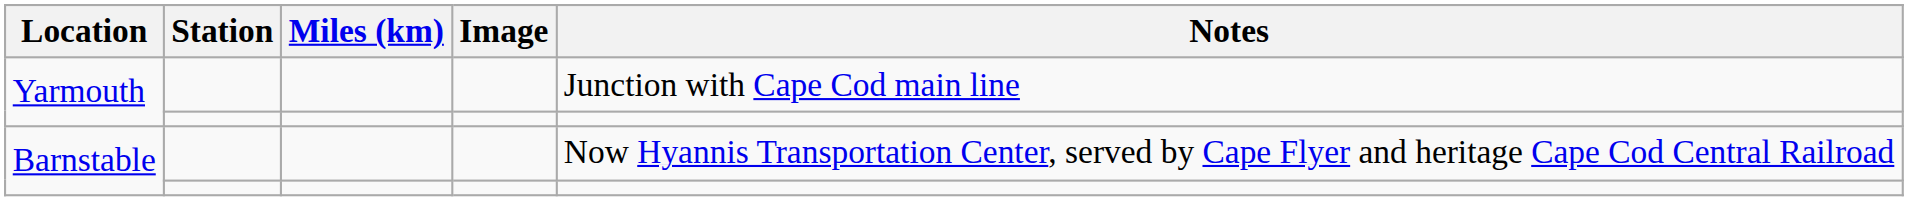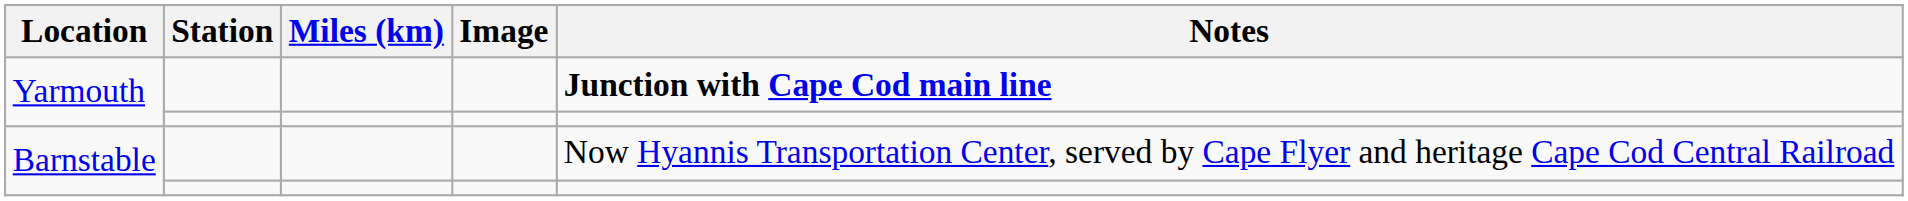 <table class="wikitable">
 <tr>
 <th>Location</th>
 <th>Station</th>
 <th><a href='#'>Miles (km)</a></th>
 <th>Image</th>
 <th>Notes</th>
 </tr>
 <tr>
 <td rowspan=2><a href='#'>Yarmouth</a></td>
 <td></td>
 <td></td>
 <td></td>
-<td>Junction with <a href='#'>Cape Cod main line</a></td>
+<td><strong>Junction with <a href='#'>Cape Cod main line</a></strong></td>
 </tr>
 <tr>
 <td></td>
 <td></td>
 <td></td>
 <td></td>
 </tr>
 <tr>
 <td rowspan=2><a href='#'>Barnstable</a></td>
 <td></td>
 <td></td>
 <td></td>
 <td>Now <a href='#'>Hyannis Transportation Center</a>, served by <a href='#'>Cape Flyer</a> and heritage <a href='#'>Cape Cod Central Railroad</a></td>
 </tr>
 <tr>
 <td></td>
 <td></td>
 <td></td>
 <td></td>
 </tr>
 </table>
